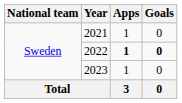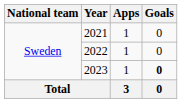 <table class="wikitable" style="text-align:center">
 <tr>
 <th>National team</th>
 <th>Year</th>
 <th>Apps</th>
 <th>Goals</th>
 </tr>
 <tr>
 <td rowspan="3"><a href='#'>Sweden</a></td>
 <td>2021</td>
 <td>1</td>
 <td>0</td>
 </tr>
 <tr>
 <td>2022</td>
-<td><strong>1</strong></td>
-<td><strong>0</strong></td>
+<td>1</td>
+<td>0</td>
 </tr>
 <tr>
 <td>2023</td>
 <td>1</td>
-<td>0</td>
+<td><strong>0</strong></td>
 </tr>
 <tr>
 <th colspan="2">Total</th>
 <th>3</th>
 <th>0</th>
 </tr>
 </table>
